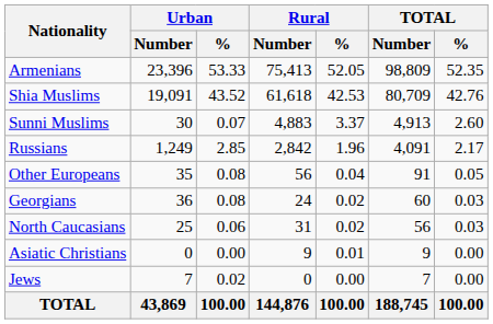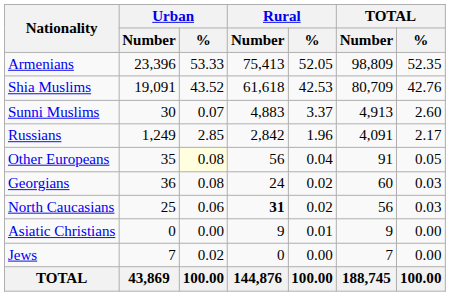 <table class="wikitable sortable">
 <tr>
 <th rowspan="2">Nationality</th>
 <th colspan="2"><a href='#'>Urban</a></th>
 <th colspan="2"><a href='#'>Rural</a></th>
 <th colspan="2">TOTAL</th>
 </tr>
 <tr>
 <th>Number</th>
 <th>%</th>
 <th>Number</th>
 <th>%</th>
 <th>Number</th>
 <th>%</th>
 </tr>
 <tr>
 <td><a href='#'>Armenians</a></td>
 <td align="right">23,396</td>
 <td align="right">53.33</td>
 <td align="right">75,413</td>
 <td align="right">52.05</td>
 <td align="right">98,809</td>
 <td align="right">52.35</td>
 </tr>
 <tr>
 <td><a href='#'>Shia Muslims</a></td>
 <td align="right">19,091</td>
 <td align="right">43.52</td>
 <td align="right">61,618</td>
 <td align="right">42.53</td>
 <td align="right">80,709</td>
 <td align="right">42.76</td>
 </tr>
 <tr>
 <td><a href='#'>Sunni Muslims</a></td>
 <td align="right">30</td>
 <td align="right">0.07</td>
 <td align="right">4,883</td>
 <td align="right">3.37</td>
 <td align="right">4,913</td>
 <td align="right">2.60</td>
 </tr>
 <tr>
 <td><a href='#'>Russians</a></td>
 <td align="right">1,249</td>
 <td align="right">2.85</td>
 <td align="right">2,842</td>
 <td align="right">1.96</td>
 <td align="right">4,091</td>
 <td align="right">2.17</td>
 </tr>
 <tr>
 <td><a href='#'>Other Europeans</a></td>
 <td align="right">35</td>
-<td align="right">0.08</td>
+<td align="right" style="background: lightyellow;">0.08</td>
 <td align="right">56</td>
 <td align="right">0.04</td>
 <td align="right">91</td>
 <td align="right">0.05</td>
 </tr>
 <tr>
 <td><a href='#'>Georgians</a></td>
 <td align="right">36</td>
 <td align="right">0.08</td>
 <td align="right">24</td>
 <td align="right">0.02</td>
 <td align="right">60</td>
 <td align="right">0.03</td>
 </tr>
 <tr>
 <td><a href='#'>North Caucasians</a></td>
 <td align="right">25</td>
 <td align="right">0.06</td>
-<td align="right">31</td>
+<td align="right"><strong>31</strong></td>
 <td align="right">0.02</td>
 <td align="right">56</td>
 <td align="right">0.03</td>
 </tr>
 <tr>
 <td><a href='#'>Asiatic Christians</a></td>
 <td align="right">0</td>
 <td align="right">0.00</td>
 <td align="right">9</td>
 <td align="right">0.01</td>
 <td align="right">9</td>
 <td align="right">0.00</td>
 </tr>
 <tr>
 <td><a href='#'>Jews</a></td>
 <td align="right">7</td>
 <td align="right">0.02</td>
 <td align="right">0</td>
 <td align="right">0.00</td>
 <td align="right">7</td>
 <td align="right">0.00</td>
 </tr>
 <tr>
 <th>TOTAL</th>
 <th>43,869</th>
 <th>100.00</th>
 <th>144,876</th>
 <th>100.00</th>
 <th>188,745</th>
 <th>100.00</th>
 </tr>
 </table>
